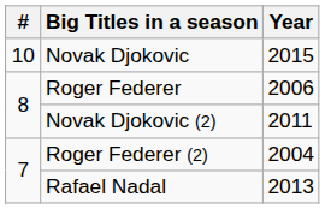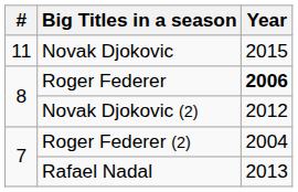 <table class="wikitable" style="display: inline-table;">
 <tr>
 <th width=20>#</th>
 <th>Big Titles in a season</th>
 <th>Year</th>
 </tr>
 <tr>
-<td align=center>10</td>
+<td align=center>11</td>
 <td> Novak Djokovic</td>
 <td>2015</td>
 </tr>
 <tr>
 <td rowspan="2" align=center>8</td>
 <td> Roger Federer</td>
-<td>2006</td>
+<td><strong>2006</strong></td>
 </tr>
 <tr>
 <td> Novak Djokovic <small>(2)</small></td>
-<td>2011</td>
+<td>2012</td>
 </tr>
 <tr>
 <td rowspan="2" align=center>7</td>
 <td> Roger Federer <small>(2)</small></td>
 <td>2004</td>
 </tr>
 <tr>
 <td> Rafael Nadal</td>
 <td>2013</td>
 </tr>
 </table>
